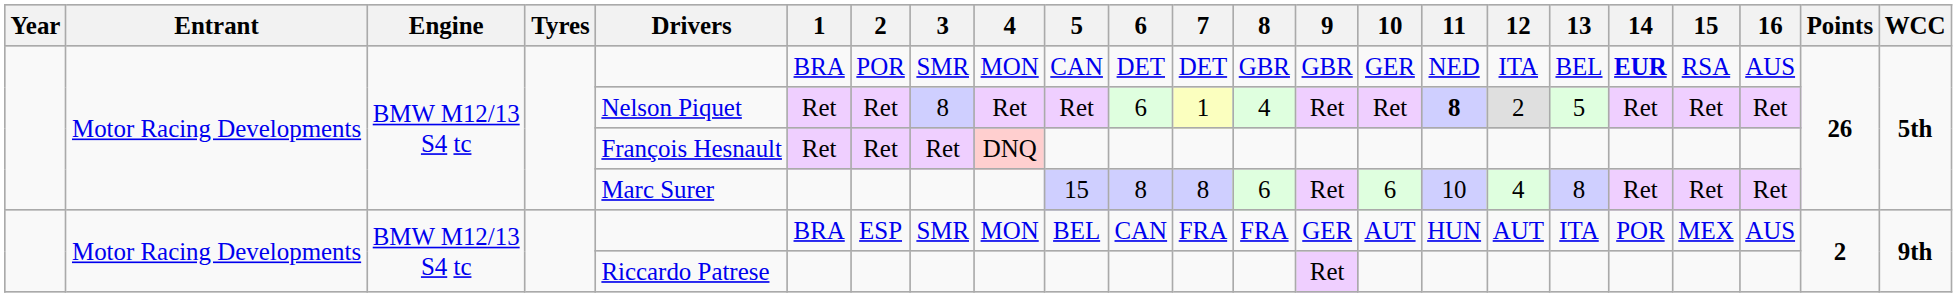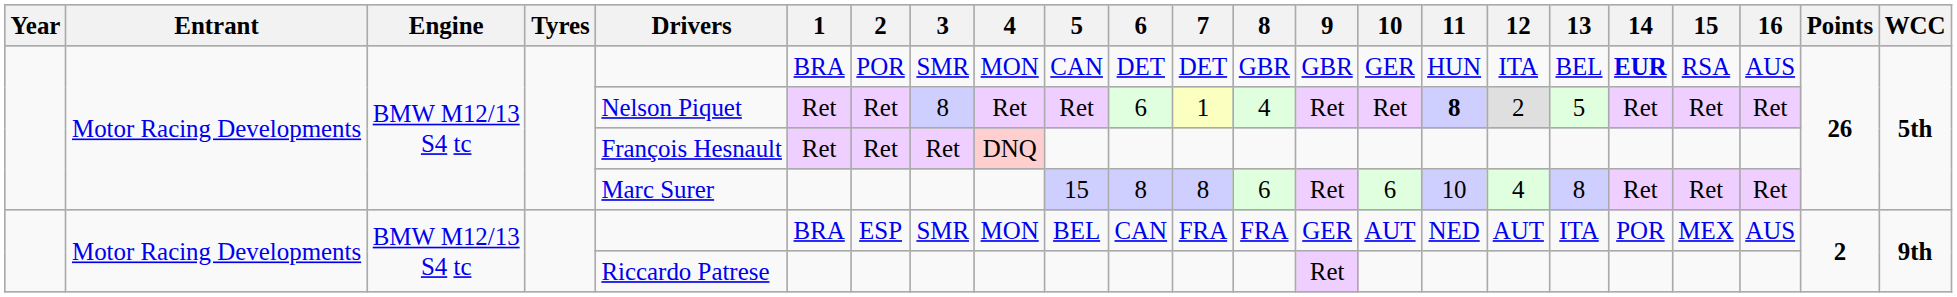 <table class="wikitable" style="text-align:center; font-size:95%">
 <tr>
 <th>Year</th>
 <th>Entrant</th>
 <th>Engine</th>
 <th>Tyres</th>
 <th>Drivers</th>
 <th>1</th>
 <th>2</th>
 <th>3</th>
 <th>4</th>
 <th>5</th>
 <th>6</th>
 <th>7</th>
 <th>8</th>
 <th>9</th>
 <th>10</th>
 <th>11</th>
 <th>12</th>
 <th>13</th>
 <th>14</th>
 <th>15</th>
 <th>16</th>
 <th>Points</th>
 <th>WCC</th>
 </tr>
 <tr>
 <td rowspan="4"></td>
 <td rowspan="4"><a href='#'>Motor Racing Developments</a></td>
 <td rowspan="4"><a href='#'>BMW M12/13</a><br><a href='#'>S4</a> <a href='#'>tc</a></td>
 <td rowspan="4"></td>
 <td></td>
 <td><a href='#'>BRA</a></td>
 <td><a href='#'>POR</a></td>
 <td><a href='#'>SMR</a></td>
 <td><a href='#'>MON</a></td>
 <td><a href='#'>CAN</a></td>
 <td><a href='#'>DET</a></td>
 <td><a href='#'>DET</a></td>
 <td><a href='#'>GBR</a></td>
 <td><a href='#'>GBR</a></td>
 <td><a href='#'>GER</a></td>
-<td><a href='#'>NED</a></td>
+<td><a href='#'>HUN</a></td>
 <td><a href='#'>ITA</a></td>
 <td><a href='#'>BEL</a></td>
 <td><strong><a href='#'>EUR</a></strong></td>
 <td><a href='#'>RSA</a></td>
 <td><a href='#'>AUS</a></td>
 <td rowspan="4"><strong>26</strong></td>
 <td rowspan="4"><strong>5th</strong></td>
 </tr>
 <tr>
 <td align="left"><a href='#'>Nelson Piquet</a></td>
 <td style="background:#efcfff;">Ret</td>
 <td style="background:#efcfff;">Ret</td>
 <td style="background:#cfcfff;">8</td>
 <td style="background:#efcfff;">Ret</td>
 <td style="background:#efcfff;">Ret</td>
 <td style="background:#dfffdf;">6</td>
 <td style="background:#fbffbf;">1</td>
 <td style="background:#dfffdf;">4</td>
 <td style="background:#efcfff;">Ret</td>
 <td style="background:#efcfff;">Ret</td>
 <td style="background:#cfcfff;"><strong>8</strong></td>
 <td style="background:#dfdfdf;">2</td>
 <td style="background:#dfffdf;">5</td>
 <td style="background:#efcfff;">Ret</td>
 <td style="background:#efcfff;">Ret</td>
 <td style="background:#efcfff;">Ret</td>
 </tr>
 <tr>
 <td align="left"><a href='#'>François Hesnault</a></td>
 <td style="background:#efcfff;">Ret</td>
 <td style="background:#efcfff;">Ret</td>
 <td style="background:#efcfff;">Ret</td>
 <td style="background:#ffcfcf;">DNQ</td>
 <td></td>
 <td></td>
 <td></td>
 <td></td>
 <td></td>
 <td></td>
 <td></td>
 <td></td>
 <td></td>
 <td></td>
 <td></td>
 <td></td>
 </tr>
 <tr>
 <td align="left"><a href='#'>Marc Surer</a></td>
 <td></td>
 <td></td>
 <td></td>
 <td></td>
 <td style="background:#cfcfff;">15</td>
 <td style="background:#cfcfff;">8</td>
 <td style="background:#cfcfff;">8</td>
 <td style="background:#dfffdf;">6</td>
 <td style="background:#efcfff;">Ret</td>
 <td style="background:#dfffdf;">6</td>
 <td style="background:#cfcfff;">10</td>
 <td style="background:#dfffdf;">4</td>
 <td style="background:#cfcfff;">8</td>
 <td style="background:#efcfff;">Ret</td>
 <td style="background:#efcfff;">Ret</td>
 <td style="background:#efcfff;">Ret</td>
 </tr>
 <tr>
 <td rowspan="2"></td>
 <td rowspan="2"><a href='#'>Motor Racing Developments</a></td>
 <td rowspan="2"><a href='#'>BMW M12/13</a><br><a href='#'>S4</a> <a href='#'>tc</a></td>
 <td rowspan="2"></td>
 <td></td>
 <td><a href='#'>BRA</a></td>
 <td><a href='#'>ESP</a></td>
 <td><a href='#'>SMR</a></td>
 <td><a href='#'>MON</a></td>
 <td><a href='#'>BEL</a></td>
 <td><a href='#'>CAN</a></td>
 <td><a href='#'>FRA</a></td>
 <td><a href='#'>FRA</a></td>
 <td><a href='#'>GER</a></td>
 <td><a href='#'>AUT</a></td>
-<td><a href='#'>HUN</a></td>
+<td><a href='#'>NED</a></td>
 <td><a href='#'>AUT</a></td>
 <td><a href='#'>ITA</a></td>
 <td><a href='#'>POR</a></td>
 <td><a href='#'>MEX</a></td>
 <td><a href='#'>AUS</a></td>
 <td rowspan="2"><strong>2</strong></td>
 <td rowspan="2"><strong>9th</strong></td>
 </tr>
 <tr>
 <td align="left"><a href='#'>Riccardo Patrese</a></td>
 <td></td>
 <td></td>
 <td></td>
 <td></td>
 <td></td>
 <td></td>
 <td></td>
 <td></td>
 <td style="background:#efcfff;">Ret</td>
 <td></td>
 <td></td>
 <td></td>
 <td></td>
 <td></td>
 <td></td>
 <td></td>
 </tr>
 </table>
